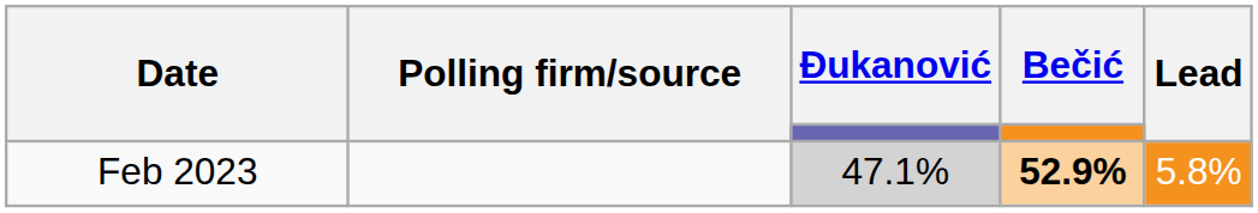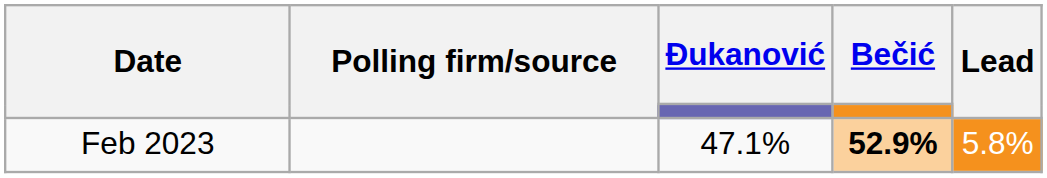 <table class="wikitable" style="text-align:center; font-size:84%; line-height:16px;">
 <tr style="height:42px;">
 <th style="width:115px;" rowspan="2">Date</th>
 <th style="width:150px;" rowspan="2">Polling firm/source</th>
 <th style="width:45px;"><a href='#'>Đukanović</a></th>
 <th style="width:45px;"><a href='#'>Bečić</a></th>
 <th style="width:25px;" rowspan="2">Lead</th>
 </tr>
 <tr>
 <th style="color:inherit;background:#6866b2;"></th>
 <th style="color:inherit;background:#F5911D;"></th>
 </tr>
 <tr>
 <td>Feb 2023</td>
 <td></td>
-<td style="background: lightgrey;">47.1%</td>
+<td>47.1%</td>
 <td style="background:#fbd19d;"><strong>52.9%</strong></td>
 <td style="background:#F5911D; color:white;">5.8%</td>
 </tr>
 </table>
